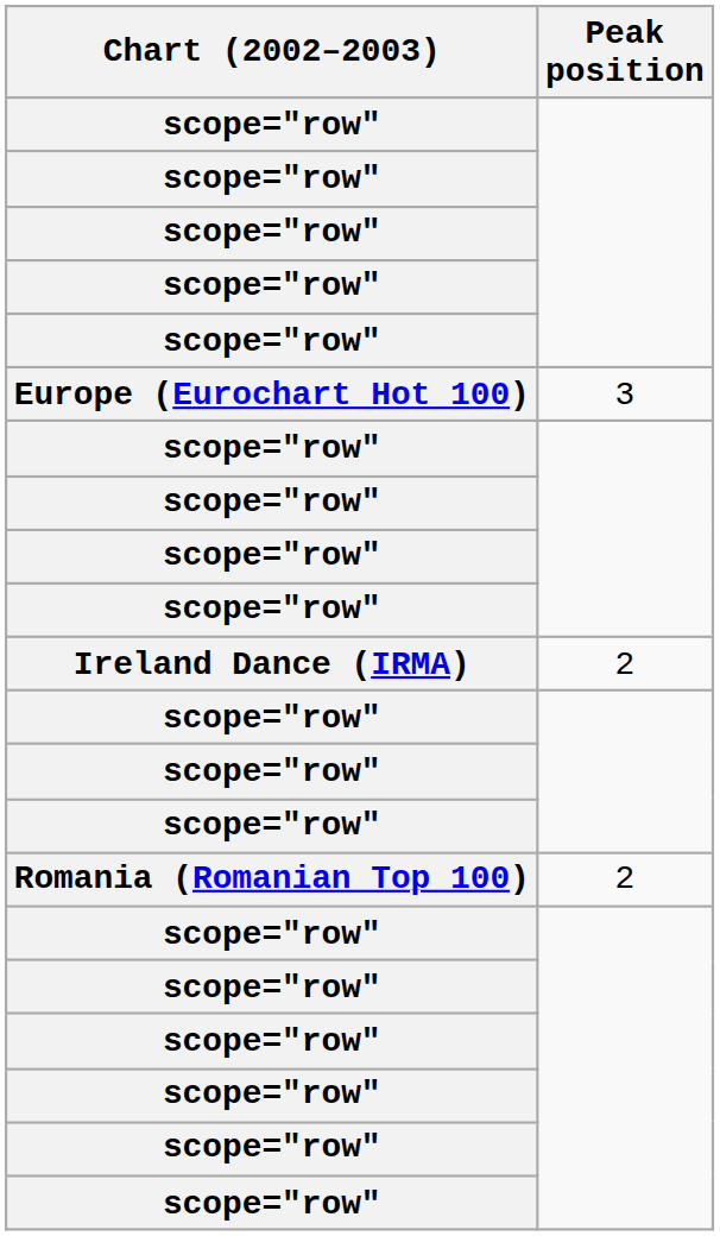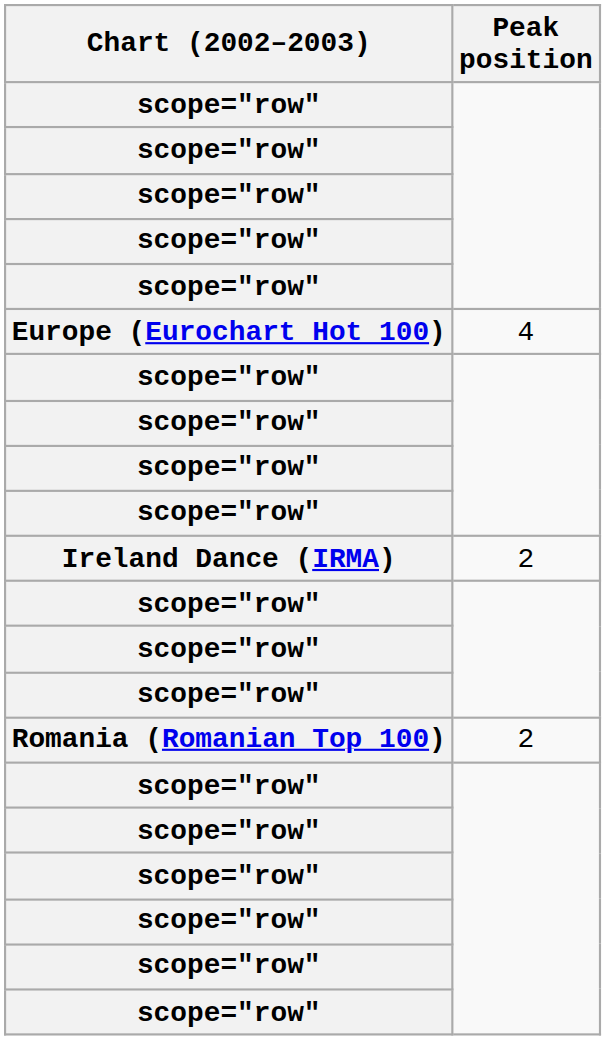 <table class="wikitable sortable plainrowheaders" style="text-align:center">
 <tr>
 <th scope="col">Chart (2002–2003)</th>
 <th scope="col">Peak<br>position</th>
 </tr>
 <tr>
 <th>scope="row"</th>
 </tr>
 <tr>
 <th>scope="row"</th>
 </tr>
 <tr>
 <th>scope="row"</th>
 </tr>
 <tr>
 <th>scope="row"</th>
 </tr>
 <tr>
 <th>scope="row"</th>
 </tr>
 <tr>
 <th scope="row">Europe (<a href='#'>Eurochart Hot 100</a>)</th>
-<td>3</td>
+<td>4</td>
 </tr>
 <tr>
 <th>scope="row"</th>
 </tr>
 <tr>
 <th>scope="row"</th>
 </tr>
 <tr>
 <th>scope="row"</th>
 </tr>
 <tr>
 <th>scope="row"</th>
 </tr>
 <tr>
 <th scope="row">Ireland Dance (<a href='#'>IRMA</a>)</th>
 <td>2</td>
 </tr>
 <tr>
 <th>scope="row"</th>
 </tr>
 <tr>
 <th>scope="row"</th>
 </tr>
 <tr>
 <th>scope="row"</th>
 </tr>
 <tr>
 <th scope="row">Romania (<a href='#'>Romanian Top 100</a>)</th>
 <td>2</td>
 </tr>
 <tr>
 <th>scope="row"</th>
 </tr>
 <tr>
 <th>scope="row"</th>
 </tr>
 <tr>
 <th>scope="row"</th>
 </tr>
 <tr>
 <th>scope="row"</th>
 </tr>
 <tr>
 <th>scope="row"</th>
 </tr>
 <tr>
 <th>scope="row"</th>
 </tr>
 </table>
